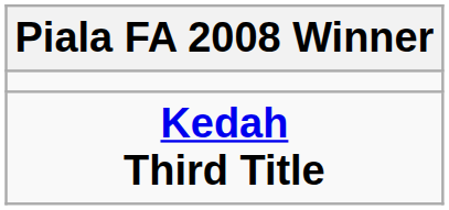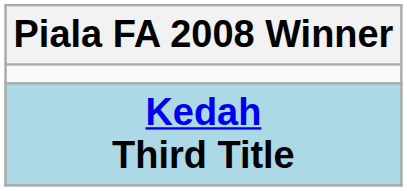 <table class="wikitable" style="text-align: center; margin: 0 auto;">
 <tr>
 <th>Piala FA 2008 Winner</th>
 </tr>
 <tr>
 <td></td>
 </tr>
 <tr>
-<td><strong><a href='#'>Kedah</a></strong><br><strong>Third Title</strong></td>
+<td style="background: lightblue;"><strong><a href='#'>Kedah</a></strong><br><strong>Third Title</strong></td>
 </tr>
 </table>
